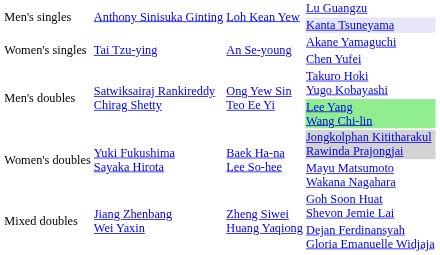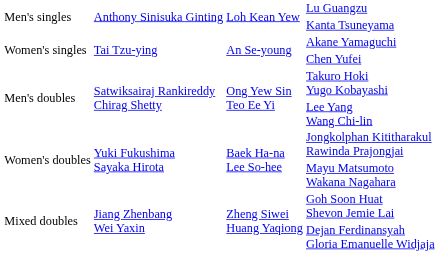 <table>
 <tr>
 <td rowspan="2">Men's singles</td>
 <td rowspan="2"> <a href='#'>Anthony Sinisuka Ginting</a></td>
 <td rowspan="2"> <a href='#'>Loh Kean Yew</a></td>
 <td> <a href='#'>Lu Guangzu</a></td>
 </tr>
 <tr>
-<td style="background: lavender;"> <a href='#'>Kanta Tsuneyama</a></td>
+<td> <a href='#'>Kanta Tsuneyama</a></td>
 </tr>
 <tr>
 <td rowspan="2">Women's singles</td>
 <td rowspan="2"> <a href='#'>Tai Tzu-ying</a></td>
 <td rowspan="2"> <a href='#'>An Se-young</a></td>
 <td> <a href='#'>Akane Yamaguchi</a></td>
 </tr>
 <tr>
 <td> <a href='#'>Chen Yufei</a></td>
 </tr>
 <tr>
 <td rowspan="2">Men's doubles</td>
 <td rowspan="2"> <a href='#'>Satwiksairaj Rankireddy</a><br> <a href='#'>Chirag Shetty</a></td>
 <td rowspan="2"> <a href='#'>Ong Yew Sin</a><br> <a href='#'>Teo Ee Yi</a></td>
 <td> <a href='#'>Takuro Hoki</a><br> <a href='#'>Yugo Kobayashi</a></td>
 </tr>
 <tr>
-<td style="background: lightgreen;"> <a href='#'>Lee Yang</a><br> <a href='#'>Wang Chi-lin</a></td>
+<td> <a href='#'>Lee Yang</a><br> <a href='#'>Wang Chi-lin</a></td>
 </tr>
 <tr>
 <td rowspan="2">Women's doubles</td>
 <td rowspan="2"> <a href='#'>Yuki Fukushima</a><br> <a href='#'>Sayaka Hirota</a></td>
 <td rowspan="2"> <a href='#'>Baek Ha-na</a><br> <a href='#'>Lee So-hee</a></td>
-<td style="background: lightgrey;"> <a href='#'>Jongkolphan Kititharakul</a><br> <a href='#'>Rawinda Prajongjai</a></td>
+<td> <a href='#'>Jongkolphan Kititharakul</a><br> <a href='#'>Rawinda Prajongjai</a></td>
 </tr>
 <tr>
 <td> <a href='#'>Mayu Matsumoto</a><br> <a href='#'>Wakana Nagahara</a></td>
 </tr>
 <tr>
 <td rowspan="2">Mixed doubles</td>
 <td rowspan="2"> <a href='#'>Jiang Zhenbang</a><br> <a href='#'>Wei Yaxin</a></td>
 <td rowspan="2"> <a href='#'>Zheng Siwei</a><br> <a href='#'>Huang Yaqiong</a></td>
 <td> <a href='#'>Goh Soon Huat</a><br> <a href='#'>Shevon Jemie Lai</a></td>
 </tr>
 <tr>
 <td> <a href='#'>Dejan Ferdinansyah</a><br> <a href='#'>Gloria Emanuelle Widjaja</a></td>
 </tr>
 </table>
